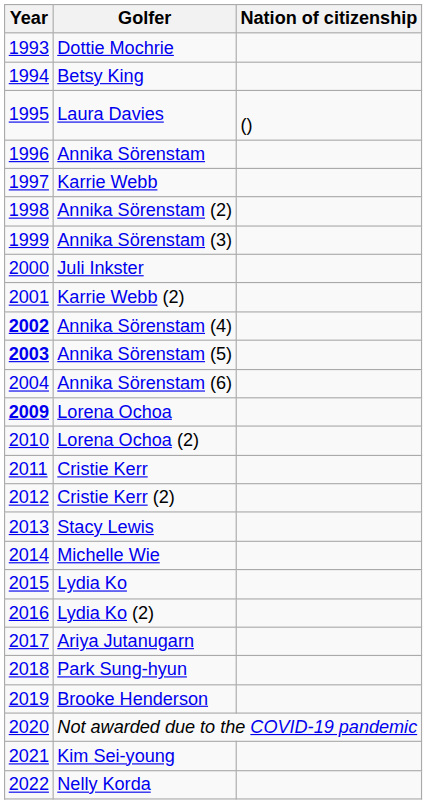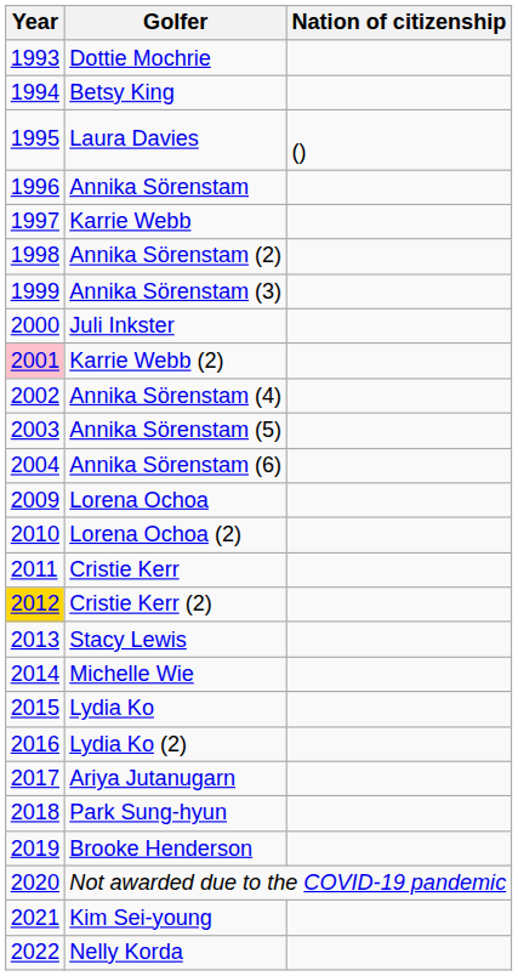 <table class="wikitable">
 <tr style="white-space: nowrap;">
 <th>Year</th>
 <th>Golfer</th>
 <th>Nation of citizenship</th>
 </tr>
 <tr>
 <td><a href='#'>1993</a></td>
 <td><a href='#'>Dottie Mochrie</a></td>
 <td></td>
 </tr>
 <tr>
 <td><a href='#'>1994</a></td>
 <td><a href='#'>Betsy King</a></td>
 <td></td>
 </tr>
 <tr>
 <td><a href='#'>1995</a></td>
 <td><a href='#'>Laura Davies</a></td>
 <td><br>()</td>
 </tr>
 <tr>
 <td><a href='#'>1996</a></td>
 <td><a href='#'>Annika Sörenstam</a></td>
 <td></td>
 </tr>
 <tr>
 <td><a href='#'>1997</a></td>
 <td><a href='#'>Karrie Webb</a></td>
 <td></td>
 </tr>
 <tr>
 <td><a href='#'>1998</a></td>
 <td><a href='#'>Annika Sörenstam</a> (2)</td>
 <td></td>
 </tr>
 <tr>
 <td><a href='#'>1999</a></td>
 <td><a href='#'>Annika Sörenstam</a> (3)</td>
 <td></td>
 </tr>
 <tr>
 <td><a href='#'>2000</a></td>
 <td><a href='#'>Juli Inkster</a></td>
 <td></td>
 </tr>
 <tr>
-<td><a href='#'>2001</a></td>
+<td style="background: pink;"><a href='#'>2001</a></td>
 <td><a href='#'>Karrie Webb</a> (2)</td>
 <td></td>
 </tr>
 <tr>
-<td><strong><a href='#'>2002</a></strong></td>
+<td><a href='#'>2002</a></td>
 <td><a href='#'>Annika Sörenstam</a> (4)</td>
 <td></td>
 </tr>
 <tr>
-<td><strong><a href='#'>2003</a></strong></td>
+<td><a href='#'>2003</a></td>
 <td><a href='#'>Annika Sörenstam</a> (5)</td>
 <td></td>
 </tr>
 <tr>
 <td><a href='#'>2004</a></td>
 <td><a href='#'>Annika Sörenstam</a> (6)</td>
 <td></td>
 </tr>
 <tr>
-<td><strong><a href='#'>2009</a></strong></td>
+<td><a href='#'>2009</a></td>
 <td><a href='#'>Lorena Ochoa</a></td>
 <td></td>
 </tr>
 <tr>
 <td><a href='#'>2010</a></td>
 <td><a href='#'>Lorena Ochoa</a> (2)</td>
 <td></td>
 </tr>
 <tr>
 <td><a href='#'>2011</a></td>
 <td><a href='#'>Cristie Kerr</a></td>
 <td></td>
 </tr>
 <tr>
-<td><a href='#'>2012</a></td>
+<td style="background: gold;"><a href='#'>2012</a></td>
 <td><a href='#'>Cristie Kerr</a> (2)</td>
 <td></td>
 </tr>
 <tr>
 <td><a href='#'>2013</a></td>
 <td><a href='#'>Stacy Lewis</a></td>
 <td></td>
 </tr>
 <tr>
 <td><a href='#'>2014</a></td>
 <td><a href='#'>Michelle Wie</a></td>
 <td></td>
 </tr>
 <tr>
 <td><a href='#'>2015</a></td>
 <td><a href='#'>Lydia Ko</a></td>
 <td></td>
 </tr>
 <tr>
 <td><a href='#'>2016</a></td>
 <td><a href='#'>Lydia Ko</a> (2)</td>
 <td></td>
 </tr>
 <tr>
 <td><a href='#'>2017</a></td>
 <td><a href='#'>Ariya Jutanugarn</a></td>
 <td></td>
 </tr>
 <tr>
 <td><a href='#'>2018</a></td>
 <td><a href='#'>Park Sung-hyun</a></td>
 <td></td>
 </tr>
 <tr>
 <td><a href='#'>2019</a></td>
 <td><a href='#'>Brooke Henderson</a></td>
 <td></td>
 </tr>
 <tr>
 <td><a href='#'>2020</a></td>
 <td colspan=2 align=center><em>Not awarded due to the <a href='#'>COVID-19 pandemic</a></em></td>
 </tr>
 <tr>
 <td><a href='#'>2021</a></td>
 <td><a href='#'>Kim Sei-young</a></td>
 <td></td>
 </tr>
 <tr>
 <td><a href='#'>2022</a></td>
 <td><a href='#'>Nelly Korda</a></td>
 <td></td>
 </tr>
 </table>
